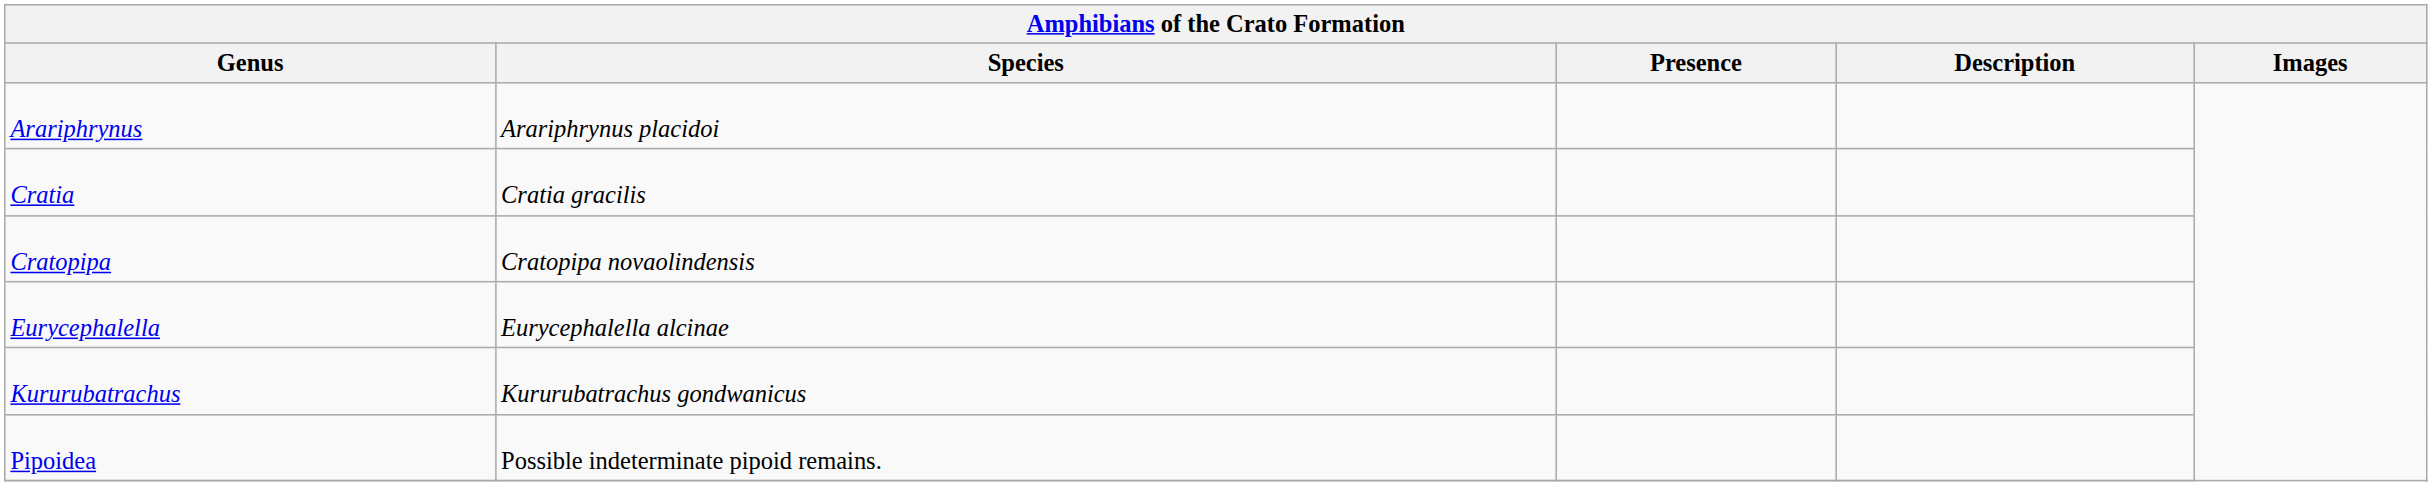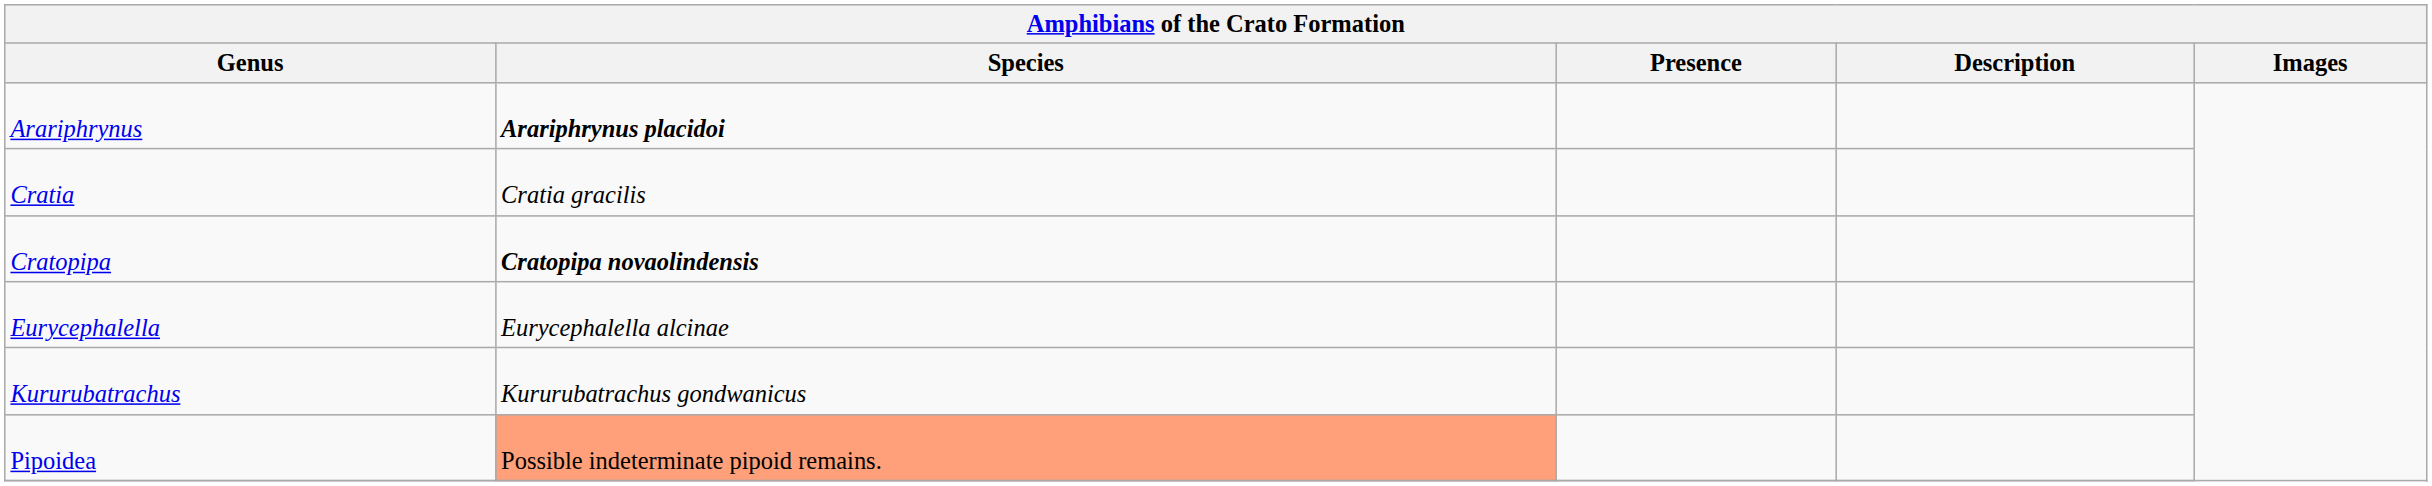 <table class="wikitable" align="center" width="100%">
 <tr>
 <th colspan="5" style="text-align:center"><strong><a href='#'>Amphibians</a> of the Crato Formation</strong></th>
 </tr>
 <tr>
 <th>Genus</th>
 <th>Species</th>
 <th>Presence</th>
 <th>Description</th>
 <th>Images</th>
 </tr>
 <tr>
 <td><br><em><a href='#'>Arariphrynus</a></em></td>
-<td><br><em>Arariphrynus placidoi</em></td>
+<td><strong><br><em>Arariphrynus placidoi</em></strong></td>
 <td></td>
 <td></td>
 <td rowspan="99"><br></td>
 </tr>
 <tr>
 <td><br><em><a href='#'>Cratia</a></em></td>
 <td><br><em>Cratia gracilis</em></td>
 <td></td>
 <td></td>
 </tr>
 <tr>
 <td><br><em><a href='#'>Cratopipa</a></em></td>
-<td><br><em>Cratopipa novaolindensis</em></td>
+<td><strong><br><em>Cratopipa novaolindensis</em></strong></td>
 <td></td>
 <td></td>
 </tr>
 <tr>
 <td><br><em><a href='#'>Eurycephalella</a></em></td>
 <td><br><em>Eurycephalella alcinae</em></td>
 <td></td>
 <td></td>
 </tr>
 <tr>
 <td><br><em><a href='#'>Kururubatrachus</a></em></td>
 <td><br><em>Kururubatrachus gondwanicus</em></td>
 <td></td>
 <td></td>
 </tr>
 <tr>
 <td><br><a href='#'>Pipoidea</a></td>
-<td><br>Possible indeterminate pipoid remains.</td>
+<td style="background: lightsalmon;"><br>Possible indeterminate pipoid remains.</td>
 <td></td>
 <td></td>
 </tr>
 <tr>
 </tr>
 </table>
